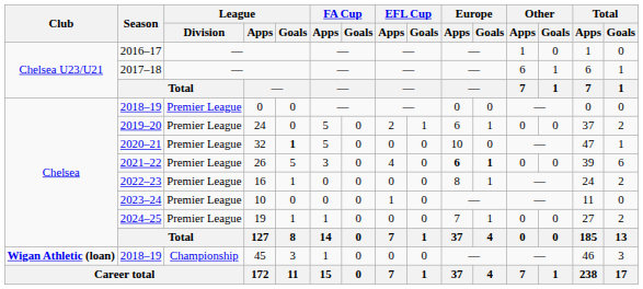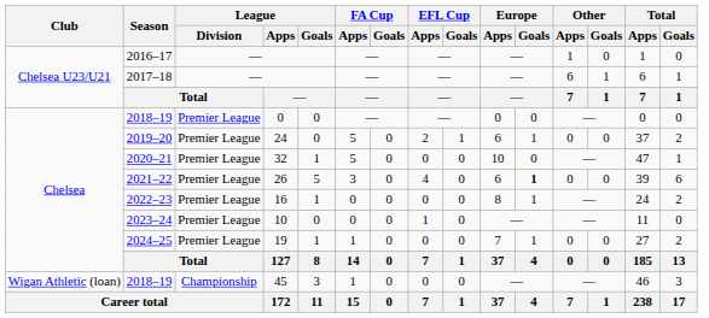 <table class="wikitable" style="text-align: center;">
 <tr>
 <th rowspan="2">Club</th>
 <th rowspan="2">Season</th>
 <th colspan="3">League</th>
 <th colspan="2"><a href='#'>FA Cup</a></th>
 <th colspan="2"><a href='#'>EFL Cup</a></th>
 <th colspan="2">Europe</th>
 <th colspan="2">Other</th>
 <th colspan="2">Total</th>
 </tr>
 <tr>
 <th>Division</th>
 <th>Apps</th>
 <th>Goals</th>
 <th>Apps</th>
 <th>Goals</th>
 <th>Apps</th>
 <th>Goals</th>
 <th>Apps</th>
 <th>Goals</th>
 <th>Apps</th>
 <th>Goals</th>
 <th>Apps</th>
 <th>Goals</th>
 </tr>
 <tr>
 <td rowspan="3"><a href='#'>Chelsea U23/U21</a></td>
 <td>2016–17</td>
 <td colspan="3">—</td>
 <td colspan="2">—</td>
 <td colspan="2">—</td>
 <td colspan="2">—</td>
 <td>1</td>
 <td>0</td>
 <td>1</td>
 <td>0</td>
 </tr>
 <tr>
 <td>2017–18</td>
 <td colspan="3">—</td>
 <td colspan="2">—</td>
 <td colspan="2">—</td>
 <td colspan="2">—</td>
 <td>6</td>
 <td>1</td>
 <td>6</td>
 <td>1</td>
 </tr>
 <tr>
 <th colspan="2">Total</th>
 <th colspan="2">—</th>
 <th colspan="2">—</th>
 <th colspan="2">—</th>
 <th colspan="2">—</th>
 <th>7</th>
 <th>1</th>
 <th>7</th>
 <th>1</th>
 </tr>
 <tr>
 <td rowspan="8"><a href='#'>Chelsea</a></td>
 <td><a href='#'>2018–19</a></td>
 <td><a href='#'>Premier League</a></td>
 <td>0</td>
 <td>0</td>
 <td colspan="2">—</td>
 <td colspan="2">—</td>
 <td>0</td>
 <td>0</td>
 <td colspan="2">—</td>
 <td>0</td>
 <td>0</td>
 </tr>
 <tr>
 <td><a href='#'>2019–20</a></td>
 <td>Premier League</td>
 <td>24</td>
 <td>0</td>
 <td>5</td>
 <td>0</td>
 <td>2</td>
 <td>1</td>
 <td>6</td>
 <td>1</td>
 <td>0</td>
 <td>0</td>
 <td>37</td>
 <td>2</td>
 </tr>
 <tr>
 <td><a href='#'>2020–21</a></td>
 <td>Premier League</td>
 <td>32</td>
-<td><strong>1</strong></td>
+<td>1</td>
 <td>5</td>
 <td>0</td>
 <td>0</td>
 <td>0</td>
 <td>10</td>
 <td>0</td>
 <td colspan="2">—</td>
 <td>47</td>
 <td>1</td>
 </tr>
 <tr>
 <td><a href='#'>2021–22</a></td>
 <td>Premier League</td>
 <td>26</td>
 <td>5</td>
 <td>3</td>
 <td>0</td>
 <td>4</td>
 <td>0</td>
-<td><strong>6</strong></td>
+<td>6</td>
 <td><strong>1</strong></td>
 <td>0</td>
 <td>0</td>
 <td>39</td>
 <td>6</td>
 </tr>
 <tr>
 <td><a href='#'>2022–23</a></td>
 <td>Premier League</td>
 <td>16</td>
 <td>1</td>
 <td>0</td>
 <td>0</td>
 <td>0</td>
 <td>0</td>
 <td>8</td>
 <td>1</td>
 <td colspan="2">—</td>
 <td>24</td>
 <td>2</td>
 </tr>
 <tr>
 <td><a href='#'>2023–24</a></td>
 <td>Premier League</td>
 <td>10</td>
 <td>0</td>
 <td>0</td>
 <td>0</td>
 <td>1</td>
 <td>0</td>
 <td colspan="2">—</td>
 <td colspan="2">—</td>
 <td>11</td>
 <td>0</td>
 </tr>
 <tr>
 <td><a href='#'>2024–25</a></td>
 <td>Premier League</td>
 <td>19</td>
 <td>1</td>
 <td>1</td>
 <td>0</td>
 <td>0</td>
 <td>0</td>
 <td>7</td>
 <td>1</td>
 <td>0</td>
 <td>0</td>
 <td>27</td>
 <td>2</td>
 </tr>
 <tr>
 <th colspan="2">Total</th>
 <th>127</th>
 <th>8</th>
 <th>14</th>
 <th>0</th>
 <th>7</th>
 <th>1</th>
 <th>37</th>
 <th>4</th>
 <th>0</th>
 <th>0</th>
 <th>185</th>
 <th>13</th>
 </tr>
 <tr>
-<td><strong><a href='#'>Wigan Athletic</a> (loan)</strong></td>
+<td><a href='#'>Wigan Athletic</a> (loan)</td>
 <td><a href='#'>2018–19</a></td>
 <td><a href='#'>Championship</a></td>
 <td>45</td>
 <td>3</td>
 <td>1</td>
 <td>0</td>
 <td>0</td>
 <td>0</td>
 <td colspan="2">—</td>
 <td colspan="2">—</td>
 <td>46</td>
 <td>3</td>
 </tr>
 <tr>
 <th colspan="3">Career total</th>
 <th>172</th>
 <th>11</th>
 <th>15</th>
 <th>0</th>
 <th>7</th>
 <th>1</th>
 <th>37</th>
 <th>4</th>
 <th>7</th>
 <th>1</th>
 <th>238</th>
 <th>17</th>
 </tr>
 </table>
